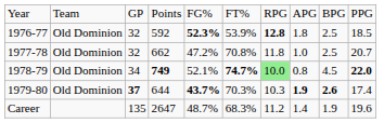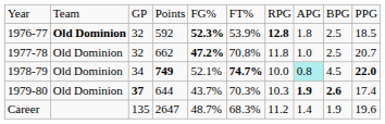 <table class="wikitable">
 <tr>
 <td>Year</td>
 <td>Team</td>
 <td>GP</td>
 <td>Points</td>
 <td>FG%</td>
 <td>FT%</td>
 <td>RPG</td>
 <td>APG</td>
 <td>BPG</td>
 <td>PPG</td>
 </tr>
 <tr>
 <td>1976-77</td>
-<td>Old Dominion</td>
+<td><strong>Old Dominion</strong></td>
 <td>32</td>
 <td>592</td>
 <td><strong>52.3%</strong></td>
 <td>53.9%</td>
 <td><strong>12.8</strong></td>
 <td>1.8</td>
 <td>2.5</td>
 <td>18.5</td>
 </tr>
 <tr>
 <td>1977-78</td>
 <td>Old Dominion</td>
 <td>32</td>
 <td>662</td>
-<td>47.2%</td>
+<td><strong>47.2%</strong></td>
 <td>70.8%</td>
 <td>11.8</td>
 <td>1.0</td>
 <td>2.5</td>
 <td>20.7</td>
 </tr>
 <tr>
 <td>1978-79</td>
 <td>Old Dominion</td>
 <td>34</td>
 <td><strong>749</strong></td>
 <td>52.1%</td>
 <td><strong>74.7%</strong></td>
-<td style="background: lightgreen;">10.0</td>
-<td>0.8</td>
+<td>10.0</td>
+<td style="background: paleturquoise;">0.8</td>
 <td>4.5</td>
 <td><strong>22.0</strong></td>
 </tr>
 <tr>
 <td>1979-80</td>
 <td>Old Dominion</td>
 <td><strong>37</strong></td>
 <td>644</td>
-<td><strong>43.7%</strong></td>
+<td>43.7%</td>
 <td>70.3%</td>
 <td>10.3</td>
 <td><strong>1.9</strong></td>
 <td><strong>2.6</strong></td>
 <td>17.4</td>
 </tr>
 <tr>
 <td>Career</td>
 <td></td>
 <td>135</td>
 <td>2647</td>
 <td>48.7%</td>
 <td>68.3%</td>
 <td>11.2</td>
 <td>1.4</td>
 <td>1.9</td>
 <td>19.6</td>
 </tr>
 </table>
